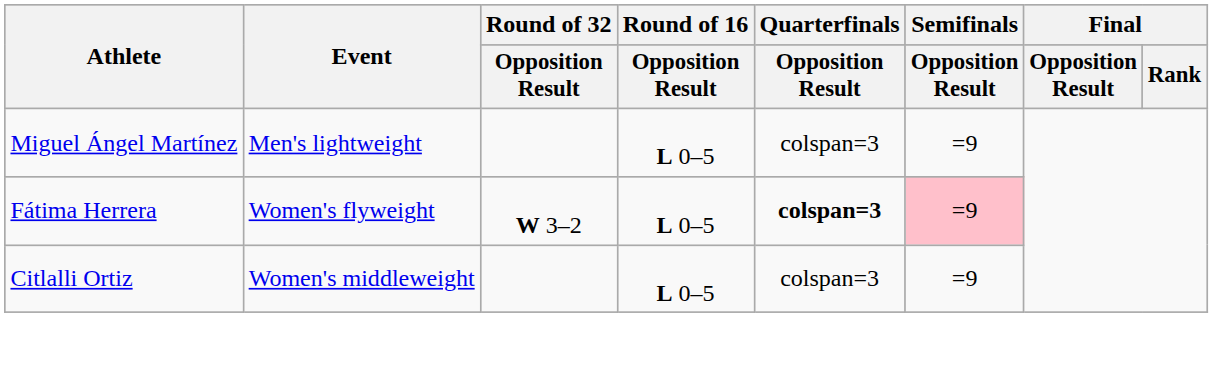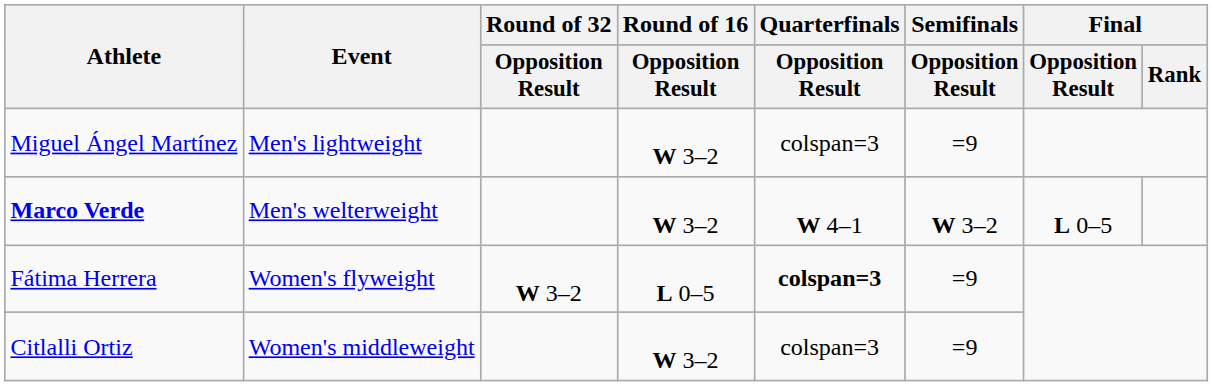 <table class="wikitable" style="font-size:90%">
 <tr>
 <th rowspan="2">Athlete</th>
 <th rowspan="2">Event</th>
 <th>Round of 32</th>
 <th>Round of 16</th>
 <th>Quarterfinals</th>
 <th>Semifinals</th>
 <th colspan=2>Final</th>
 </tr>
 <tr style="font-size:95%">
 <th>Opposition<br>Result</th>
 <th>Opposition<br>Result</th>
 <th>Opposition<br>Result</th>
 <th>Opposition<br>Result</th>
 <th>Opposition<br>Result</th>
 <th>Rank</th>
 </tr>
 <tr align=center>
 <td align=left><a href='#'>Miguel Ángel Martínez</a></td>
 <td align=left><a href='#'>Men's lightweight</a></td>
 <td></td>
-<td><br><strong>L</strong> 0–5</td>
+<td><br><strong>W</strong> 3–2</td>
 <td>colspan=3</td>
 <td>=9</td>
+</tr>
+<tr align=center>
+<td align=left><strong><a href='#'>Marco Verde</a></strong></td>
+<td align=left><a href='#'>Men's welterweight</a></td>
+<td></td>
+<td><br><strong>W</strong> 3–2</td>
+<td><br><strong>W</strong> 4–1</td>
+<td><br><strong>W</strong> 3–2</td>
+<td><br><strong>L</strong> 0–5</td>
+<td></td>
 </tr>
 <tr align=center>
 <td align=left><a href='#'>Fátima Herrera</a></td>
 <td align=left><a href='#'>Women's flyweight</a></td>
 <td><br><strong>W</strong> 3–2</td>
 <td><br><strong>L</strong> 0–5</td>
 <td><strong>colspan=3</strong></td>
-<td style="background: pink;">=9</td>
+<td>=9</td>
 </tr>
 <tr align=center>
 <td align=left><a href='#'>Citlalli Ortiz</a></td>
 <td align=left><a href='#'>Women's middleweight</a></td>
 <td></td>
-<td><br><strong>L</strong> 0–5</td>
+<td><br><strong>W</strong> 3–2</td>
 <td>colspan=3</td>
 <td>=9</td>
 </tr>
 </table>
